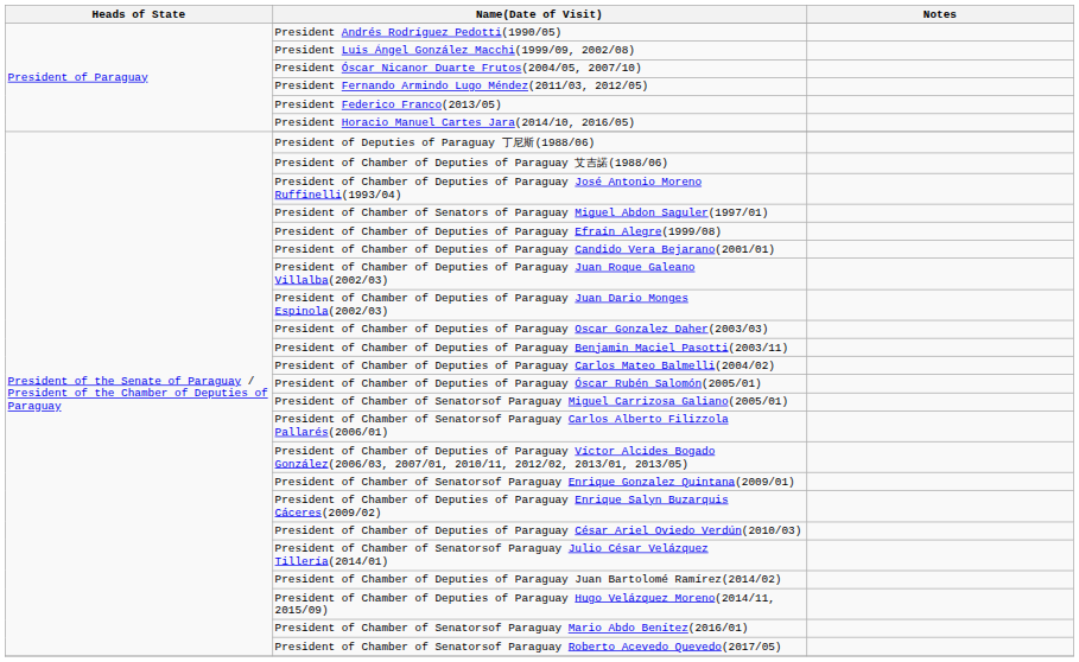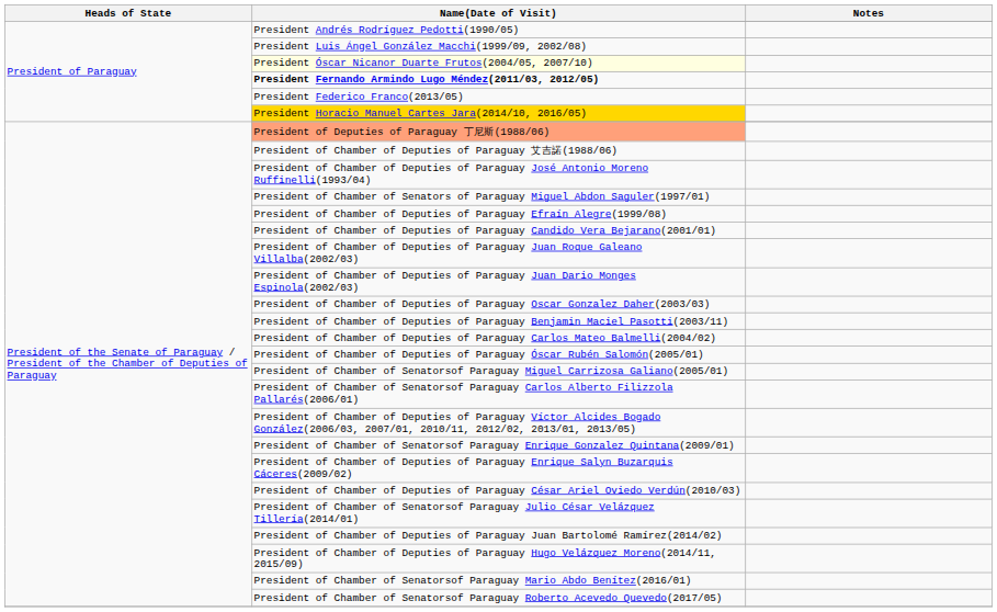 <table class="wikitable">
 <tr>
 <th width=10%>Heads of State</th>
 <th width=20%>Name(Date of Visit)</th>
 <th width=10%  colspan="2">Notes</th>
 </tr>
 <tr>
 <td rowspan=7><a href='#'>President of Paraguay</a></td>
 </tr>
 <tr>
 <td>President <a href='#'>Andrés Rodríguez Pedotti</a>(1990/05)</td>
 <td></td>
 </tr>
 <tr>
 <td>President <a href='#'>Luis Ángel González Macchi</a>(1999/09, 2002/08)</td>
 <td></td>
 </tr>
 <tr>
-<td>President <a href='#'>Óscar Nicanor Duarte Frutos</a>(2004/05, 2007/10)</td>
+<td style="background: lightyellow;">President <a href='#'>Óscar Nicanor Duarte Frutos</a>(2004/05, 2007/10)</td>
 <td></td>
 </tr>
 <tr>
-<td>President <a href='#'>Fernando Armindo Lugo Méndez</a>(2011/03, 2012/05)</td>
+<td><strong>President <a href='#'>Fernando Armindo Lugo Méndez</a>(2011/03, 2012/05)</strong></td>
 <td></td>
 </tr>
 <tr>
 <td>President <a href='#'>Federico Franco</a>(2013/05)</td>
 <td></td>
 </tr>
 <tr>
-<td>President <a href='#'>Horacio Manuel Cartes Jara</a>(2014/10, 2016/05)</td>
+<td style="background: gold;">President <a href='#'>Horacio Manuel Cartes Jara</a>(2014/10, 2016/05)</td>
 <td></td>
 </tr>
 <tr>
 <td rowspan=24><a href='#'>President of the Senate of Paraguay</a> /<br><a href='#'>President of the Chamber of Deputies of Paraguay</a></td>
 </tr>
 <tr>
-<td>President of Deputies of Paraguay 丁尼斯(1988/06)</td>
+<td style="background: lightsalmon;">President of Deputies of Paraguay 丁尼斯(1988/06)</td>
 <td></td>
 </tr>
 <tr>
 <td>President of Chamber of Deputies of Paraguay 艾吉諾(1988/06)</td>
 <td></td>
 </tr>
 <tr>
 <td>President of Chamber of Deputies of Paraguay <a href='#'>José Antonio Moreno Ruffinelli</a>(1993/04)</td>
 <td></td>
 </tr>
 <tr>
 <td>President of Chamber of Senators of Paraguay <a href='#'>Miguel Abdon Saguler</a>(1997/01)</td>
 <td></td>
 </tr>
 <tr>
 <td>President of Chamber of Deputies of Paraguay <a href='#'>Efraín Alegre</a>(1999/08)</td>
 <td></td>
 </tr>
 <tr>
 <td>President of Chamber of Deputies of Paraguay <a href='#'>Candido Vera Bejarano</a>(2001/01)</td>
 <td></td>
 </tr>
 <tr>
 <td>President of Chamber of Deputies of Paraguay <a href='#'>Juan Roque Galeano Villalba</a>(2002/03)</td>
 <td></td>
 </tr>
 <tr>
 <td>President of Chamber of Deputies of Paraguay <a href='#'>Juan Dario Monges Espinola</a>(2002/03)</td>
 <td></td>
 </tr>
 <tr>
 <td>President of Chamber of Deputies of Paraguay <a href='#'>Oscar Gonzalez Daher</a>(2003/03)</td>
 <td></td>
 </tr>
 <tr>
 <td>President of Chamber of Deputies of Paraguay <a href='#'>Benjamin Maciel Pasotti</a>(2003/11)</td>
 <td></td>
 </tr>
 <tr>
 <td>President of Chamber of Deputies of Paraguay <a href='#'>Carlos Mateo Balmelli</a>(2004/02)</td>
 <td></td>
 </tr>
 <tr>
 <td>President of Chamber of Deputies of Paraguay <a href='#'>Óscar Rubén Salomón</a>(2005/01)</td>
 <td></td>
 </tr>
 <tr>
 <td>President of Chamber of Senatorsof Paraguay <a href='#'>Miguel Carrizosa Galiano</a>(2005/01)</td>
 <td></td>
 </tr>
 <tr>
 <td>President of Chamber of Senatorsof Paraguay <a href='#'>Carlos Alberto Filizzola Pallarés</a>(2006/01)</td>
 <td></td>
 </tr>
 <tr>
 <td>President of Chamber of Deputies of Paraguay <a href='#'>Víctor Alcides Bogado González</a>(2006/03, 2007/01, 2010/11, 2012/02, 2013/01, 2013/05)</td>
 <td></td>
 </tr>
 <tr>
 <td>President of Chamber of Senatorsof Paraguay <a href='#'>Enrique Gonzalez Quintana</a>(2009/01)</td>
 <td></td>
 </tr>
 <tr>
 <td>President of Chamber of Deputies of Paraguay <a href='#'>Enrique Salyn Buzarquis Cáceres</a>(2009/02)</td>
 <td></td>
 </tr>
 <tr>
 <td>President of Chamber of Deputies of Paraguay <a href='#'>César Ariel Oviedo Verdún</a>(2010/03)</td>
 <td></td>
 </tr>
 <tr>
 <td>President of Chamber of Senatorsof Paraguay <a href='#'>Julio César Velázquez Tillería</a>(2014/01)</td>
 <td></td>
 </tr>
 <tr>
 <td>President of Chamber of Deputies of Paraguay Juan Bartolomé Ramírez(2014/02)</td>
 <td></td>
 </tr>
 <tr>
 <td>President of Chamber of Deputies of Paraguay <a href='#'>Hugo Velázquez Moreno</a>(2014/11, 2015/09)</td>
 <td></td>
 </tr>
 <tr>
 <td>President of Chamber of Senatorsof Paraguay <a href='#'>Mario Abdo Benítez</a>(2016/01)</td>
 <td></td>
 </tr>
 <tr>
 <td>President of Chamber of Senatorsof Paraguay <a href='#'>Roberto Acevedo Quevedo</a>(2017/05)</td>
 <td></td>
 </tr>
 <tr>
 </tr>
 </table>
